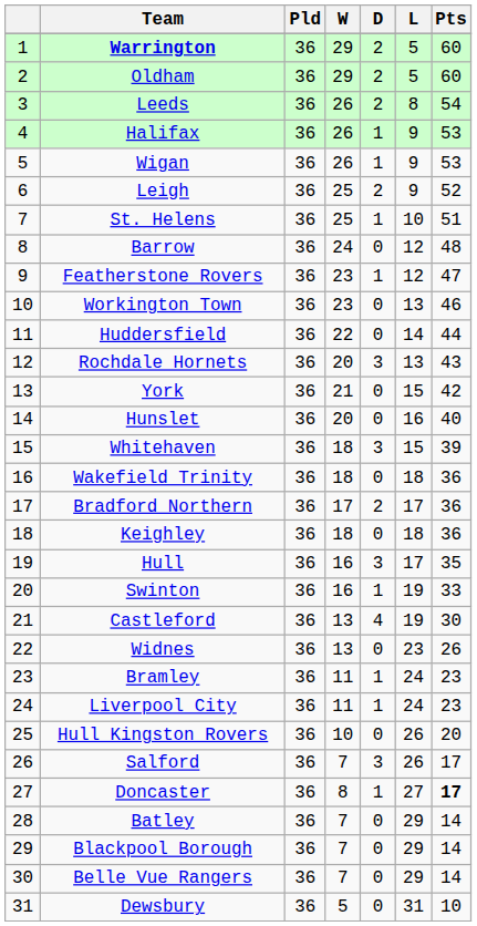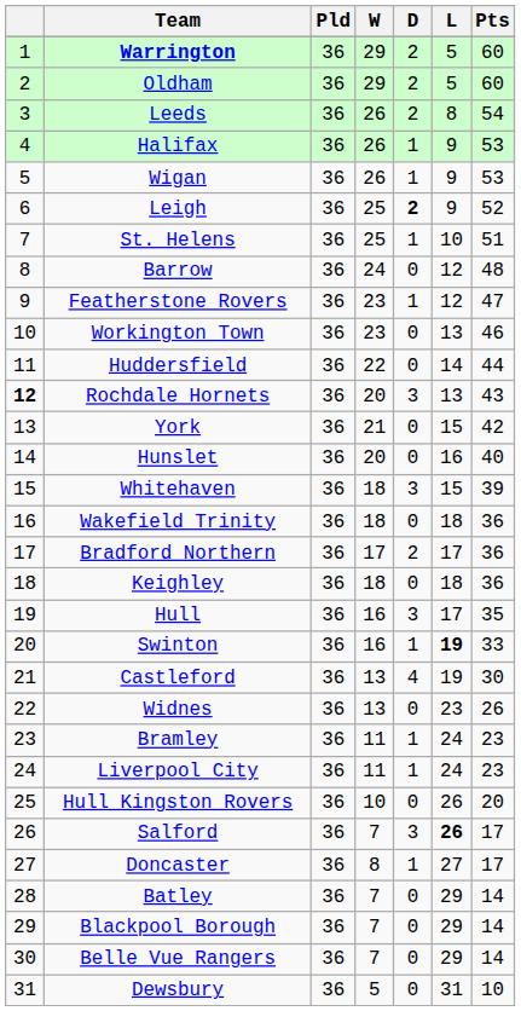 <table class="wikitable" style="text-align:center;">
 <tr>
 <th width=20 abbr="Position"></th>
 <th width=175>Team</th>
 <th width=20 abbr="Played">Pld</th>
 <th width=20 abbr="Won">W</th>
 <th width=20 abbr="Drawn">D</th>
 <th width=20 abbr="Lost">L</th>
 <th width=20 abbr="Points">Pts</th>
 </tr>
 <tr>
 </tr>
 <tr align=center style="background:#ccffcc;color:">
 <td>1</td>
 <td><strong><a href='#'>Warrington</a></strong></td>
 <td>36</td>
 <td>29</td>
 <td>2</td>
 <td>5</td>
 <td>60</td>
 </tr>
 <tr align=center style="background:#ccffcc;color:">
 <td>2</td>
 <td><a href='#'>Oldham</a></td>
 <td>36</td>
 <td>29</td>
 <td>2</td>
 <td>5</td>
 <td>60</td>
 </tr>
 <tr align=center style="background:#ccffcc;color:">
 <td>3</td>
 <td><a href='#'>Leeds</a></td>
 <td>36</td>
 <td>26</td>
 <td>2</td>
 <td>8</td>
 <td>54</td>
 </tr>
 <tr align=center style="background:#ccffcc;color:">
 <td>4</td>
 <td><a href='#'>Halifax</a></td>
 <td>36</td>
 <td>26</td>
 <td>1</td>
 <td>9</td>
 <td>53</td>
 </tr>
 <tr align=center style="background:">
 <td>5</td>
 <td><a href='#'>Wigan</a></td>
 <td>36</td>
 <td>26</td>
 <td>1</td>
 <td>9</td>
 <td>53</td>
 </tr>
 <tr align=center style="background:">
 <td>6</td>
 <td><a href='#'>Leigh</a></td>
 <td>36</td>
 <td>25</td>
-<td>2</td>
+<td><strong>2</strong></td>
 <td>9</td>
 <td>52</td>
 </tr>
 <tr align=center style="background:">
 <td>7</td>
 <td><a href='#'>St. Helens</a></td>
 <td>36</td>
 <td>25</td>
 <td>1</td>
 <td>10</td>
 <td>51</td>
 </tr>
 <tr align=center style="background:">
 <td>8</td>
 <td><a href='#'>Barrow</a></td>
 <td>36</td>
 <td>24</td>
 <td>0</td>
 <td>12</td>
 <td>48</td>
 </tr>
 <tr align=center style="background:">
 <td>9</td>
 <td><a href='#'>Featherstone Rovers</a></td>
 <td>36</td>
 <td>23</td>
 <td>1</td>
 <td>12</td>
 <td>47</td>
 </tr>
 <tr align=center style="background:">
 <td>10</td>
 <td><a href='#'>Workington Town</a></td>
 <td>36</td>
 <td>23</td>
 <td>0</td>
 <td>13</td>
 <td>46</td>
 </tr>
 <tr align=center style="background:">
 <td>11</td>
 <td><a href='#'>Huddersfield</a></td>
 <td>36</td>
 <td>22</td>
 <td>0</td>
 <td>14</td>
 <td>44</td>
 </tr>
 <tr align=center style="background:">
-<td>12</td>
+<td><strong>12</strong></td>
 <td><a href='#'>Rochdale Hornets</a></td>
 <td>36</td>
 <td>20</td>
 <td>3</td>
 <td>13</td>
 <td>43</td>
 </tr>
 <tr align=center style="background:">
 <td>13</td>
 <td><a href='#'>York</a></td>
 <td>36</td>
 <td>21</td>
 <td>0</td>
 <td>15</td>
 <td>42</td>
 </tr>
 <tr align=center style="background:">
 <td>14</td>
 <td><a href='#'>Hunslet</a></td>
 <td>36</td>
 <td>20</td>
 <td>0</td>
 <td>16</td>
 <td>40</td>
 </tr>
 <tr align=center style="background:">
 <td>15</td>
 <td><a href='#'>Whitehaven</a></td>
 <td>36</td>
 <td>18</td>
 <td>3</td>
 <td>15</td>
 <td>39</td>
 </tr>
 <tr align=center style="background:">
 <td>16</td>
 <td><a href='#'>Wakefield Trinity</a></td>
 <td>36</td>
 <td>18</td>
 <td>0</td>
 <td>18</td>
 <td>36</td>
 </tr>
 <tr align=center style="background:">
 <td>17</td>
 <td><a href='#'>Bradford Northern</a></td>
 <td>36</td>
 <td>17</td>
 <td>2</td>
 <td>17</td>
 <td>36</td>
 </tr>
 <tr align=center style="background:">
 <td>18</td>
 <td><a href='#'>Keighley</a></td>
 <td>36</td>
 <td>18</td>
 <td>0</td>
 <td>18</td>
 <td>36</td>
 </tr>
 <tr align=center style="background:">
 <td>19</td>
 <td><a href='#'>Hull</a></td>
 <td>36</td>
 <td>16</td>
 <td>3</td>
 <td>17</td>
 <td>35</td>
 </tr>
 <tr align=center style="background:">
 <td>20</td>
 <td><a href='#'>Swinton</a></td>
 <td>36</td>
 <td>16</td>
 <td>1</td>
-<td>19</td>
+<td><strong>19</strong></td>
 <td>33</td>
 </tr>
 <tr align=center style="background:">
 <td>21</td>
 <td><a href='#'>Castleford</a></td>
 <td>36</td>
 <td>13</td>
 <td>4</td>
 <td>19</td>
 <td>30</td>
 </tr>
 <tr align=center style="background:">
 <td>22</td>
 <td><a href='#'>Widnes</a></td>
 <td>36</td>
 <td>13</td>
 <td>0</td>
 <td>23</td>
 <td>26</td>
 </tr>
 <tr align=center style="background:">
 <td>23</td>
 <td><a href='#'>Bramley</a></td>
 <td>36</td>
 <td>11</td>
 <td>1</td>
 <td>24</td>
 <td>23</td>
 </tr>
 <tr align=center style="background:">
 <td>24</td>
 <td><a href='#'>Liverpool City</a></td>
 <td>36</td>
 <td>11</td>
 <td>1</td>
 <td>24</td>
 <td>23</td>
 </tr>
 <tr align=center style="background:">
 <td>25</td>
 <td><a href='#'>Hull Kingston Rovers</a></td>
 <td>36</td>
 <td>10</td>
 <td>0</td>
 <td>26</td>
 <td>20</td>
 </tr>
 <tr align=center style="background:">
 <td>26</td>
 <td><a href='#'>Salford</a></td>
 <td>36</td>
 <td>7</td>
 <td>3</td>
-<td>26</td>
+<td><strong>26</strong></td>
 <td>17</td>
 </tr>
 <tr align=center style="background:">
 <td>27</td>
 <td><a href='#'>Doncaster</a></td>
 <td>36</td>
 <td>8</td>
 <td>1</td>
 <td>27</td>
-<td><strong>17</strong></td>
+<td>17</td>
 </tr>
 <tr align=center style="background:">
 <td>28</td>
 <td><a href='#'>Batley</a></td>
 <td>36</td>
 <td>7</td>
 <td>0</td>
 <td>29</td>
 <td>14</td>
 </tr>
 <tr align=center style="background:">
 <td>29</td>
 <td><a href='#'>Blackpool Borough</a></td>
 <td>36</td>
 <td>7</td>
 <td>0</td>
 <td>29</td>
 <td>14</td>
 </tr>
 <tr align=center style="background:">
 <td>30</td>
 <td><a href='#'>Belle Vue Rangers</a></td>
 <td>36</td>
 <td>7</td>
 <td>0</td>
 <td>29</td>
 <td>14</td>
 </tr>
 <tr align=center style="background:">
 <td>31</td>
 <td><a href='#'>Dewsbury</a></td>
 <td>36</td>
 <td>5</td>
 <td>0</td>
 <td>31</td>
 <td>10</td>
 </tr>
 <tr>
 </tr>
 </table>
